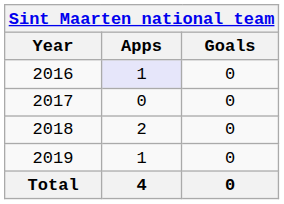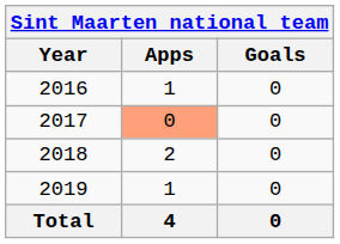 <table class="wikitable" style="text-align:center">
 <tr>
 <th colspan=3><a href='#'>Sint Maarten national team</a></th>
 </tr>
 <tr>
 <th>Year</th>
 <th>Apps</th>
 <th>Goals</th>
 </tr>
 <tr>
 <td>2016</td>
-<td style="background: lavender;">1</td>
+<td>1</td>
 <td>0</td>
 </tr>
 <tr>
 <td>2017</td>
-<td>0</td>
+<td style="background: lightsalmon;">0</td>
 <td>0</td>
 </tr>
 <tr>
 <td>2018</td>
 <td>2</td>
 <td>0</td>
 </tr>
 <tr>
 <td>2019</td>
 <td>1</td>
 <td>0</td>
 </tr>
 <tr>
 <th>Total</th>
 <th>4</th>
 <th>0</th>
 </tr>
 </table>
